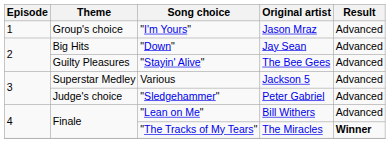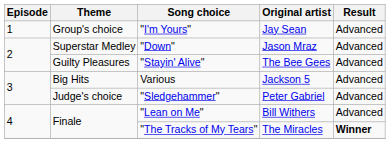 <table class="wikitable">
 <tr>
 <th>Episode</th>
 <th>Theme</th>
 <th>Song choice</th>
 <th>Original artist</th>
 <th>Result</th>
 </tr>
 <tr>
 <td>1</td>
 <td>Group's choice</td>
 <td>"<a href='#'>I'm Yours</a>"</td>
-<td><a href='#'>Jason Mraz</a></td>
+<td><a href='#'>Jay Sean</a></td>
 <td>Advanced</td>
 </tr>
 <tr>
 <td rowspan="2">2</td>
-<td>Big Hits</td>
+<td>Superstar Medley</td>
 <td>"<a href='#'>Down</a>"</td>
-<td><a href='#'>Jay Sean</a></td>
+<td><a href='#'>Jason Mraz</a></td>
 <td>Advanced</td>
 </tr>
 <tr>
 <td>Guilty Pleasures</td>
 <td>"<a href='#'>Stayin' Alive</a>"</td>
 <td><a href='#'>The Bee Gees</a></td>
 <td>Advanced</td>
 </tr>
 <tr>
 <td rowspan="2">3</td>
-<td>Superstar Medley</td>
+<td>Big Hits</td>
 <td>Various</td>
 <td><a href='#'>Jackson 5</a></td>
 <td>Advanced</td>
 </tr>
 <tr>
 <td>Judge's choice</td>
 <td>"<a href='#'>Sledgehammer</a>"</td>
 <td><a href='#'>Peter Gabriel</a></td>
 <td>Advanced</td>
 </tr>
 <tr>
 <td rowspan="2">4</td>
 <td rowspan="2">Finale</td>
 <td>"<a href='#'>Lean on Me</a>"</td>
 <td><a href='#'>Bill Withers</a></td>
 <td>Advanced</td>
 </tr>
 <tr>
 <td>"<a href='#'>The Tracks of My Tears</a>"</td>
 <td><a href='#'>The Miracles</a></td>
 <td><strong>Winner</strong></td>
 </tr>
 <tr>
 </tr>
 </table>
